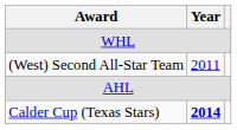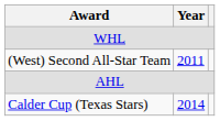 <table class="wikitable">
 <tr>
 <th>Award</th>
 <th>Year</th>
 <th></th>
 </tr>
 <tr ALIGN="center" bgcolor="#e0e0e0">
 <td colspan="3"><a href='#'>WHL</a></td>
 </tr>
 <tr>
 <td>(West) Second All-Star Team</td>
 <td><a href='#'>2011</a></td>
 <td></td>
 </tr>
 <tr ALIGN="center" bgcolor="#e0e0e0">
 <td colspan="3"><a href='#'>AHL</a></td>
 </tr>
 <tr>
 <td><a href='#'>Calder Cup</a> (Texas Stars)</td>
-<td><strong><a href='#'>2014</a></strong></td>
+<td><a href='#'>2014</a></td>
 <td></td>
 </tr>
 </table>
